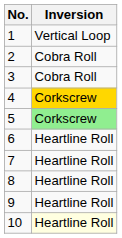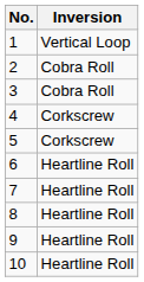 <table class="wikitable">
 <tr>
 <th>No.</th>
 <th>Inversion</th>
 </tr>
 <tr>
 <td>1</td>
 <td>Vertical Loop</td>
 </tr>
 <tr>
 <td>2</td>
 <td>Cobra Roll</td>
 </tr>
 <tr>
 <td>3</td>
 <td>Cobra Roll</td>
 </tr>
 <tr>
 <td>4</td>
-<td style="background: gold;">Corkscrew</td>
+<td>Corkscrew</td>
 </tr>
 <tr>
 <td>5</td>
-<td style="background: lightgreen;">Corkscrew</td>
+<td>Corkscrew</td>
 </tr>
 <tr>
 <td>6</td>
 <td>Heartline Roll</td>
 </tr>
 <tr>
 <td>7</td>
 <td>Heartline Roll</td>
 </tr>
 <tr>
 <td>8</td>
 <td>Heartline Roll</td>
 </tr>
 <tr>
 <td>9</td>
 <td>Heartline Roll</td>
 </tr>
 <tr>
 <td>10</td>
-<td style="background: lightyellow;">Heartline Roll</td>
+<td>Heartline Roll</td>
 </tr>
 </table>
